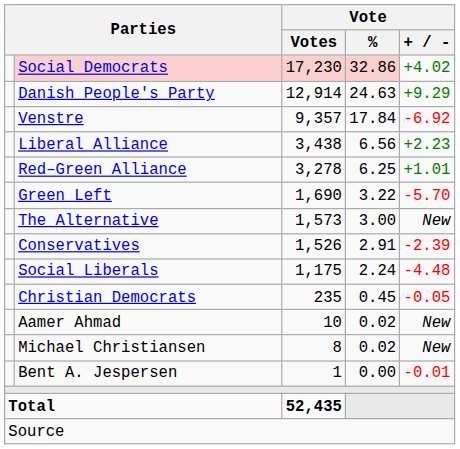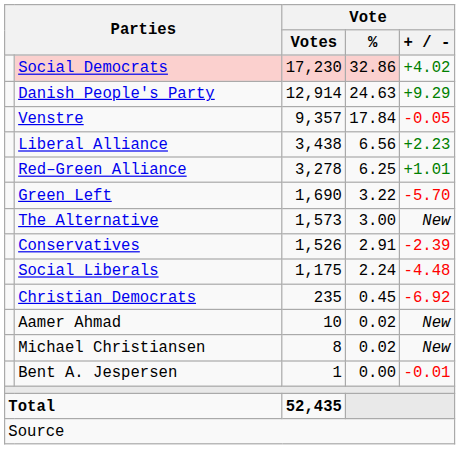 <table class="wikitable" style="text-align:right;">
 <tr>
 <th style="text-align:centre;" rowspan="2" colspan="2" width="225">Parties</th>
 <th colspan="3">Vote</th>
 </tr>
 <tr>
 <th width="15">Votes</th>
 <th width="15">%</th>
 <th width="15">+ / -</th>
 </tr>
 <tr>
 <td width="2" style="color:inherit;background:"></td>
 <td bgcolor=#fbd0ce  align="left"><a href='#'>Social Democrats</a></td>
 <td bgcolor=#fbd0ce>17,230</td>
 <td bgcolor=#fbd0ce>32.86</td>
 <td style=color:green;>+4.02</td>
 </tr>
 <tr>
 <td width="2" style="color:inherit;background:"></td>
 <td align="left"><a href='#'>Danish People's Party</a></td>
 <td>12,914</td>
 <td>24.63</td>
 <td style=color:green;>+9.29</td>
 </tr>
 <tr>
 <td width="2" style="color:inherit;background:"></td>
 <td align="left"><a href='#'>Venstre</a></td>
 <td>9,357</td>
 <td>17.84</td>
-<td style=color:red;>-6.92</td>
+<td style=color:red;>-0.05</td>
 </tr>
 <tr>
 <td width="2" style="color:inherit;background:"></td>
 <td align="left"><a href='#'>Liberal Alliance</a></td>
 <td>3,438</td>
 <td>6.56</td>
 <td style=color:green;>+2.23</td>
 </tr>
 <tr>
 <td width="2" style="color:inherit;background:"></td>
 <td align="left"><a href='#'>Red–Green Alliance</a></td>
 <td>3,278</td>
 <td>6.25</td>
 <td style=color:green;>+1.01</td>
 </tr>
 <tr>
 <td width="2" style="color:inherit;background:"></td>
 <td align="left"><a href='#'>Green Left</a></td>
 <td>1,690</td>
 <td>3.22</td>
 <td style=color:red;>-5.70</td>
 </tr>
 <tr>
 <td width="2" style="color:inherit;background:"></td>
 <td align="left"><a href='#'>The Alternative</a></td>
 <td>1,573</td>
 <td>3.00</td>
 <td><em>New</em></td>
 </tr>
 <tr>
 <td width="2" style="color:inherit;background:"></td>
 <td align="left"><a href='#'>Conservatives</a></td>
 <td>1,526</td>
 <td>2.91</td>
 <td style=color:red;>-2.39</td>
 </tr>
 <tr>
 <td width="2" style="color:inherit;background:"></td>
 <td align="left"><a href='#'>Social Liberals</a></td>
 <td>1,175</td>
 <td>2.24</td>
 <td style=color:red;>-4.48</td>
 </tr>
 <tr>
 <td width="2" style="color:inherit;background:"></td>
 <td align="left"><a href='#'>Christian Democrats</a></td>
 <td>235</td>
 <td>0.45</td>
-<td style=color:red;>-0.05</td>
+<td style=color:red;>-6.92</td>
 </tr>
 <tr>
 <td width="2" style="color:inherit;background:"></td>
 <td align="left">Aamer Ahmad</td>
 <td>10</td>
 <td>0.02</td>
 <td><em>New</em></td>
 </tr>
 <tr>
 <td width="2" style="color:inherit;background:"></td>
 <td align="left">Michael Christiansen</td>
 <td>8</td>
 <td>0.02</td>
 <td><em>New</em></td>
 </tr>
 <tr>
 <td width="2" style="color:inherit;background:"></td>
 <td align="left">Bent A. Jespersen</td>
 <td>1</td>
 <td>0.00</td>
 <td style=color:red;>-0.01</td>
 </tr>
 <tr>
 <td colspan="7" bgcolor="#E9E9E9"></td>
 </tr>
 <tr>
 <td align="left" colspan="2"><strong>Total</strong></td>
 <td><strong>52,435</strong></td>
 <td bgcolor="#E9E9E9" colspan="2"></td>
 </tr>
 <tr>
 <td align="left" colspan="6">Source</td>
 </tr>
 </table>
